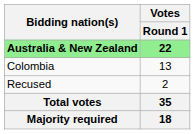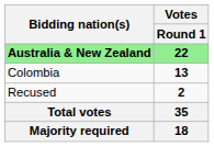 <table class="wikitable">
 <tr>
 <th rowspan=2>Bidding nation(s)</th>
 <th colspan=4>Votes</th>
 </tr>
 <tr>
 <th>Round 1</th>
 </tr>
 <tr style="background:#90ee90">
 <td align="left"><strong>Australia & New Zealand</strong></td>
 <td style="text-align:center;"><strong>22</strong></td>
 </tr>
 <tr>
 <td align="left">Colombia</td>
-<td style="text-align:center;">13</td>
+<td style="text-align:center;"><strong>13</strong></td>
 </tr>
 <tr>
 <td align="left">Recused</td>
-<td style="text-align:center;">2</td>
+<td style="text-align:center;"><strong>2</strong></td>
 </tr>
 <tr>
 <th align=left>Total votes</th>
 <th>35</th>
 </tr>
 <tr>
 <th align=left>Majority required</th>
 <th>18</th>
 </tr>
 </table>
